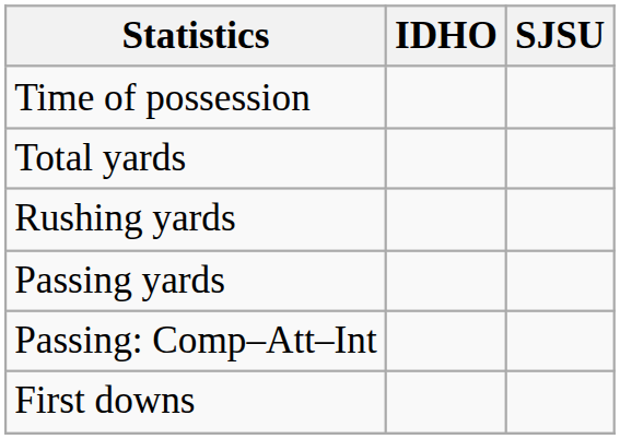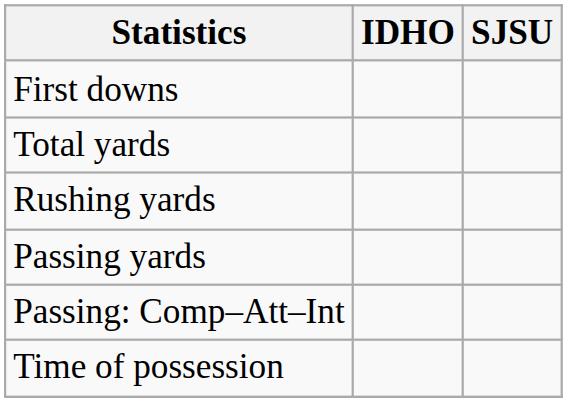 <table class="wikitable" style="float: left;">
 <tr>
 <th>Statistics</th>
 <th>IDHO</th>
 <th>SJSU</th>
 </tr>
 <tr>
-<td>Time of possession</td>
+<td>First downs</td>
 <td></td>
 <td></td>
 </tr>
 <tr>
 <td>Total yards</td>
 <td></td>
 <td></td>
 </tr>
 <tr>
 <td>Rushing yards</td>
 <td></td>
 <td></td>
 </tr>
 <tr>
 <td>Passing yards</td>
 <td></td>
 <td></td>
 </tr>
 <tr>
 <td>Passing: Comp–Att–Int</td>
 <td></td>
 <td></td>
 </tr>
 <tr>
-<td>First downs</td>
+<td>Time of possession</td>
 <td></td>
 <td></td>
 </tr>
 <tr>
 </tr>
 </table>
